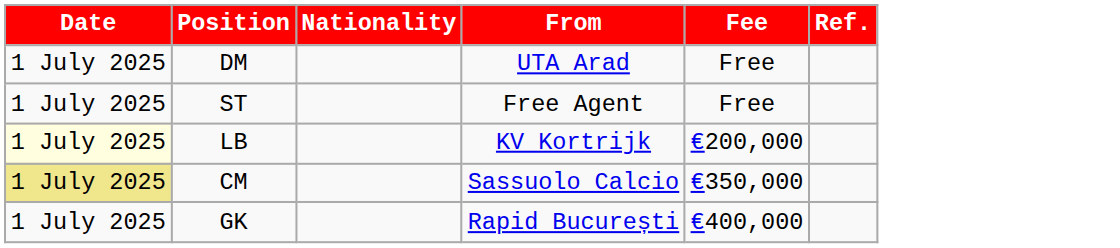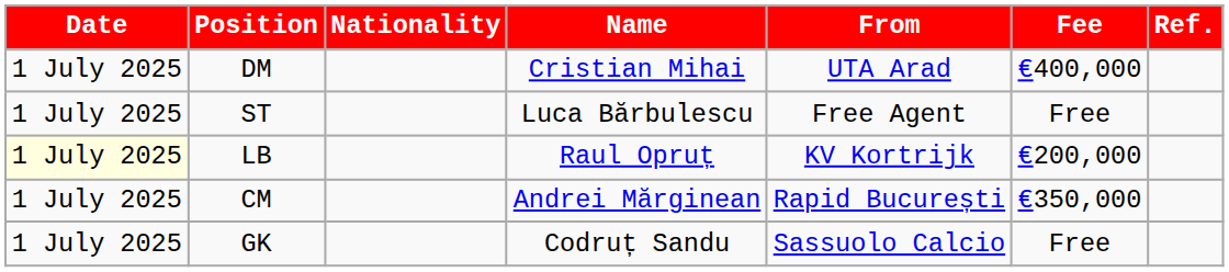 <table class="wikitable"  style="text-align:center; font-size:90%; ">
 <tr>
 <th style="background:red;color:white;">Date</th>
 <th style="background:red;color:white;">Position</th>
 <th style="background:red;color:white;">Nationality</th>
+<th style="background:red;color:white;">Name</th>
 <th style="background:red;color:white;">From</th>
 <th style="background:red;color:white;">Fee</th>
 <th style="background:red;color:white;">Ref.</th>
 </tr>
 <tr>
 <td>1 July 2025</td>
 <td>DM</td>
 <td></td>
+<td><a href='#'>Cristian Mihai</a></td>
 <td><a href='#'>UTA Arad</a></td>
-<td>Free</td>
+<td><a href='#'>€</a>400,000</td>
 <td></td>
 </tr>
 <tr>
 <td>1 July 2025</td>
 <td>ST</td>
 <td></td>
+<td>Luca Bărbulescu</td>
 <td>Free Agent</td>
 <td>Free</td>
 <td></td>
 </tr>
 <tr>
 <td style="background: lightyellow;">1 July 2025</td>
 <td>LB</td>
 <td></td>
+<td><a href='#'>Raul Opruț</a></td>
 <td> <a href='#'>KV Kortrijk</a></td>
 <td><a href='#'>€</a>200,000</td>
 <td></td>
 </tr>
 <tr>
-<td style="background: khaki;">1 July 2025</td>
+<td>1 July 2025</td>
 <td>CM</td>
 <td></td>
-<td> <a href='#'>Sassuolo Calcio</a></td>
+<td><a href='#'>Andrei Mărginean</a></td>
+<td><a href='#'>Rapid București</a></td>
 <td><a href='#'>€</a>350,000</td>
 <td></td>
 </tr>
 <tr>
 <td>1 July 2025</td>
 <td>GK</td>
 <td></td>
-<td><a href='#'>Rapid București</a></td>
-<td><a href='#'>€</a>400,000</td>
+<td>Codruț Sandu</td>
+<td> <a href='#'>Sassuolo Calcio</a></td>
+<td>Free</td>
 <td></td>
 </tr>
 </table>
